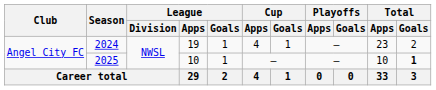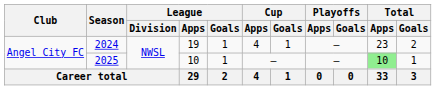 <table class="wikitable" style="text-align: center;">
 <tr>
 <th rowspan="2">Club</th>
 <th rowspan="2">Season</th>
 <th colspan="3">League</th>
 <th colspan="2">Cup</th>
 <th colspan="2">Playoffs</th>
 <th colspan="2">Total</th>
 </tr>
 <tr>
 <th>Division</th>
 <th>Apps</th>
 <th>Goals</th>
 <th>Apps</th>
 <th>Goals</th>
 <th>Apps</th>
 <th>Goals</th>
 <th>Apps</th>
 <th>Goals</th>
 </tr>
 <tr>
 <td rowspan="2"><a href='#'>Angel City FC</a></td>
 <td><a href='#'>2024</a></td>
 <td rowspan="2"><a href='#'>NWSL</a></td>
 <td>19</td>
 <td>1</td>
 <td>4</td>
 <td>1</td>
 <td colspan="2">—</td>
 <td>23</td>
 <td>2</td>
 </tr>
 <tr>
 <td><a href='#'>2025</a></td>
 <td>10</td>
 <td>1</td>
 <td colspan="2">—</td>
 <td colspan="2">—</td>
-<td>10</td>
-<td><strong>1</strong></td>
+<td style="background: lightgreen;">10</td>
+<td>1</td>
 </tr>
 <tr>
 <th colspan="3">Career total</th>
 <th>29</th>
 <th>2</th>
 <th>4</th>
 <th>1</th>
 <th>0</th>
 <th>0</th>
 <th>33</th>
 <th>3</th>
 </tr>
 </table>
